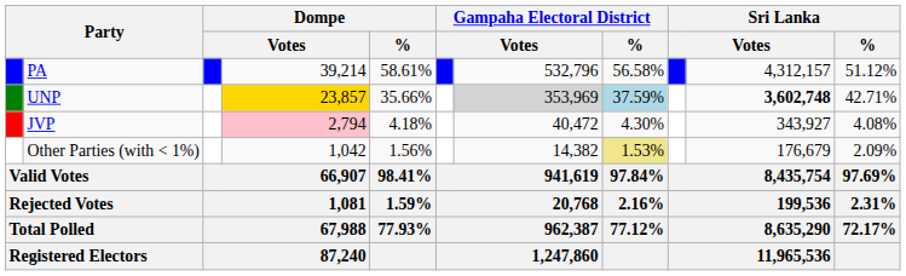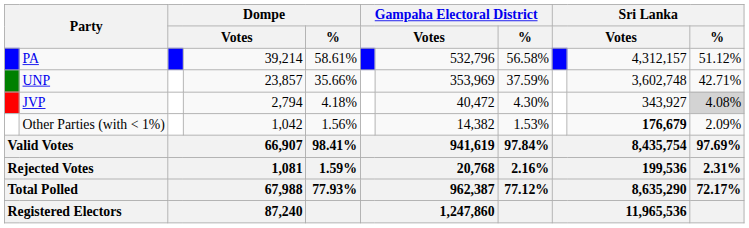 <table class="wikitable">
 <tr>
 <th colspan="2" width="144px"rowspan="2">Party</th>
 <th colspan="3" width="216px">Dompe</th>
 <th colspan="3" width="216px"><a href='#'>Gampaha Electoral District</a></th>
 <th colspan="3" width="216px">Sri Lanka</th>
 </tr>
 <tr>
 <th colspan="2" width="144px">Votes</th>
 <th>%</th>
 <th colspan="2" width="144px">Votes</th>
 <th>%</th>
 <th colspan="2" width="144px">Votes</th>
 <th>%</th>
 </tr>
 <tr>
 <td style="background-color:blue;" width="10px"></td>
 <td style="text-align:left;"><a href='#'>PA</a></td>
 <td style="background-color:blue;" width="10px"></td>
 <td style="text-align:right;">39,214</td>
 <td style="text-align:right;">58.61%</td>
 <td style="background-color:blue;" width="10px"></td>
 <td style="text-align:right;">532,796</td>
 <td style="text-align:right;">56.58%</td>
 <td style="background-color:blue;" width="10px"></td>
 <td style="text-align:right;">4,312,157</td>
 <td style="text-align:right;">51.12%</td>
 </tr>
 <tr>
 <td style="background-color:green;" width="10px"></td>
 <td style="text-align:left;"><a href='#'>UNP</a></td>
 <td style="background-color:white;" width="10px"></td>
-<td style="background: gold; text-align:right;">23,857</td>
+<td style="text-align:right;">23,857</td>
 <td style="text-align:right;">35.66%</td>
 <td style="background-color:white;" width="10px"></td>
-<td style="background: lightgrey; text-align:right;">353,969</td>
-<td style="background: lightblue; text-align:right;">37.59%</td>
+<td style="text-align:right;">353,969</td>
+<td style="text-align:right;">37.59%</td>
 <td style="background-color:white;" width="10px"></td>
-<td style="text-align:right;"><strong>3,602,748</strong></td>
+<td style="text-align:right;">3,602,748</td>
 <td style="text-align:right;">42.71%</td>
 </tr>
 <tr>
 <td style="background-color:red;" width="10px"></td>
 <td style="text-align:left;"><a href='#'>JVP</a></td>
 <td style="background-color:white;" width="10px"></td>
-<td style="background: pink; text-align:right;">2,794</td>
+<td style="text-align:right;">2,794</td>
 <td style="text-align:right;">4.18%</td>
 <td style="background-color:white;" width="10px"></td>
 <td style="text-align:right;">40,472</td>
 <td style="text-align:right;">4.30%</td>
 <td style="background-color:white;" width="10px"></td>
 <td style="text-align:right;">343,927</td>
-<td style="text-align:right;">4.08%</td>
+<td style="background: lightgrey; text-align:right;">4.08%</td>
 </tr>
 <tr>
 <td style="background-color:white;" width="10px"></td>
 <td style="text-align:left;">Other Parties (with < 1%)</td>
 <td style="background-color:white;" width="10px"></td>
 <td style="text-align:right;">1,042</td>
 <td style="text-align:right;">1.56%</td>
 <td style="background-color:white;" width="10px"></td>
 <td style="text-align:right;">14,382</td>
-<td style="background: khaki; text-align:right;">1.53%</td>
+<td style="text-align:right;">1.53%</td>
 <td style="background-color:white;" width="10px"></td>
-<td style="text-align:right;">176,679</td>
+<td style="text-align:right;"><strong>176,679</strong></td>
 <td style="text-align:right;">2.09%</td>
 </tr>
 <tr>
 <th colspan="2" width="144px"style="text-align:left;">Valid Votes</th>
 <th style="text-align:right;"colspan="2" width="144px">66,907</th>
 <th style="text-align:right;">98.41%</th>
 <th style="text-align:right;"colspan="2" width="144px">941,619</th>
 <th style="text-align:right;">97.84%</th>
 <th style="text-align:right;"colspan="2" width="144px">8,435,754</th>
 <th style="text-align:right;">97.69%</th>
 </tr>
 <tr>
 <th colspan="2" width="144px"style="text-align:left;">Rejected Votes</th>
 <th style="text-align:right;"colspan="2" width="144px">1,081</th>
 <th style="text-align:right;">1.59%</th>
 <th style="text-align:right;"colspan="2" width="144px">20,768</th>
 <th style="text-align:right;">2.16%</th>
 <th style="text-align:right;"colspan="2" width="144px">199,536</th>
 <th style="text-align:right;">2.31%</th>
 </tr>
 <tr>
 <th colspan="2" width="144px"style="text-align:left;">Total Polled</th>
 <th style="text-align:right;"colspan="2" width="144px">67,988</th>
 <th style="text-align:right;">77.93%</th>
 <th style="text-align:right;"colspan="2" width="144px">962,387</th>
 <th style="text-align:right;">77.12%</th>
 <th style="text-align:right;"colspan="2" width="144px">8,635,290</th>
 <th style="text-align:right;">72.17%</th>
 </tr>
 <tr>
 <th colspan="2" width="144px"style="text-align:left;">Registered Electors</th>
 <th style="text-align:right;"colspan="2" width="144px">87,240</th>
 <th></th>
 <th style="text-align:right;"colspan="2" width="144px">1,247,860</th>
 <th></th>
 <th style="text-align:right;"colspan="2" width="144px">11,965,536</th>
 <th></th>
 </tr>
 </table>
